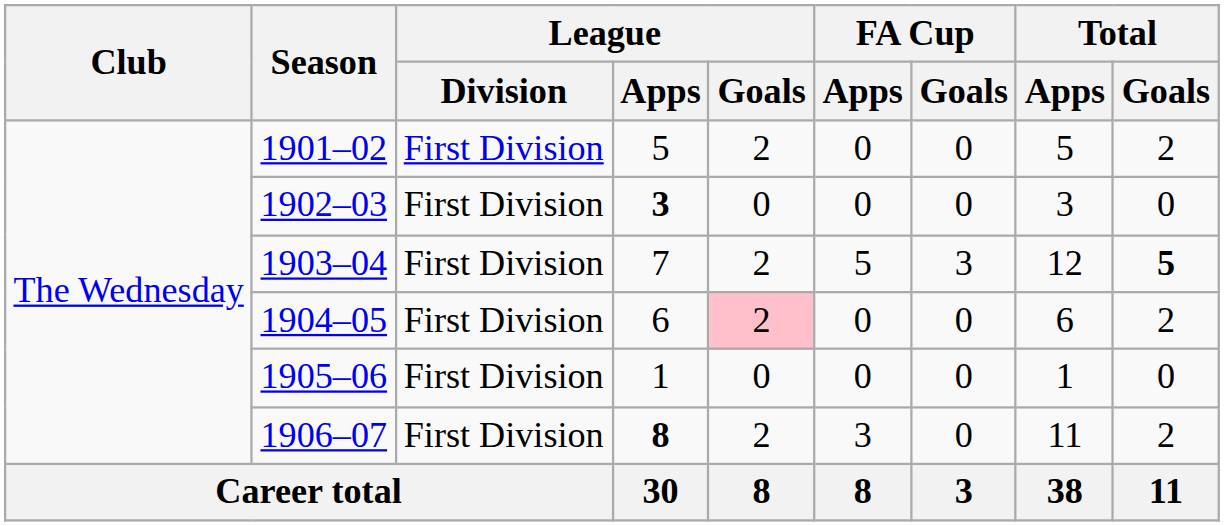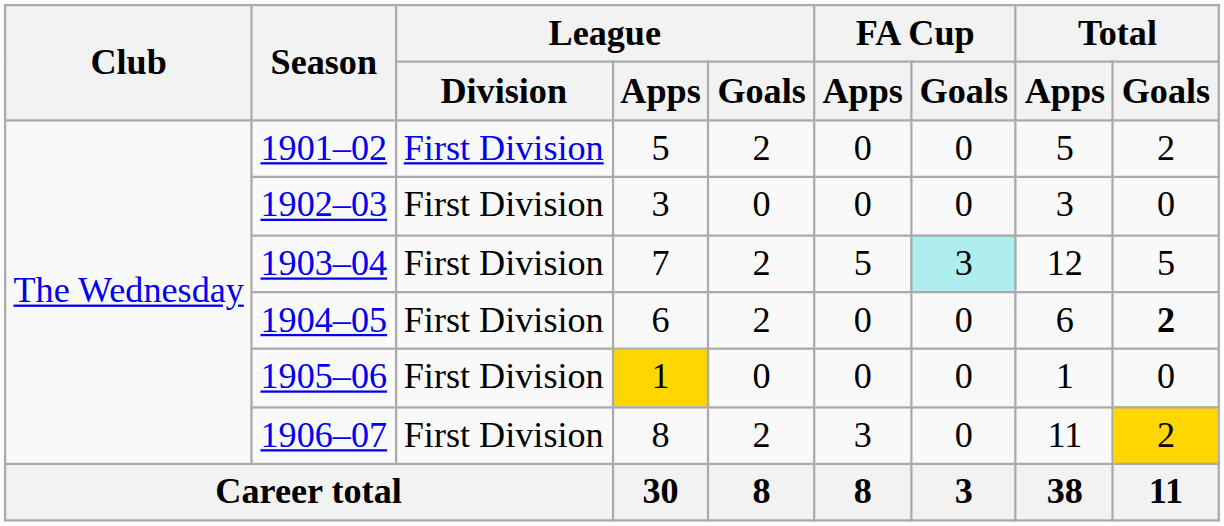 <table class="wikitable" style="text-align: center;">
 <tr>
 <th rowspan="2">Club</th>
 <th rowspan="2">Season</th>
 <th colspan="3">League</th>
 <th colspan="2">FA Cup</th>
 <th colspan="2">Total</th>
 </tr>
 <tr>
 <th>Division</th>
 <th>Apps</th>
 <th>Goals</th>
 <th>Apps</th>
 <th>Goals</th>
 <th>Apps</th>
 <th>Goals</th>
 </tr>
 <tr>
 <td rowspan="6"><a href='#'>The Wednesday</a></td>
 <td><a href='#'>1901–02</a></td>
 <td><a href='#'>First Division</a></td>
 <td>5</td>
 <td>2</td>
 <td>0</td>
 <td>0</td>
 <td>5</td>
 <td>2</td>
 </tr>
 <tr>
 <td><a href='#'>1902–03</a></td>
 <td>First Division</td>
-<td><strong>3</strong></td>
+<td>3</td>
 <td>0</td>
 <td>0</td>
 <td>0</td>
 <td>3</td>
 <td>0</td>
 </tr>
 <tr>
 <td><a href='#'>1903–04</a></td>
 <td>First Division</td>
 <td>7</td>
 <td>2</td>
 <td>5</td>
-<td>3</td>
+<td style="background: paleturquoise;">3</td>
 <td>12</td>
-<td><strong>5</strong></td>
+<td>5</td>
 </tr>
 <tr>
 <td><a href='#'>1904–05</a></td>
 <td>First Division</td>
 <td>6</td>
-<td style="background: pink;">2</td>
+<td>2</td>
 <td>0</td>
 <td>0</td>
 <td>6</td>
-<td>2</td>
+<td><strong>2</strong></td>
 </tr>
 <tr>
 <td><a href='#'>1905–06</a></td>
 <td>First Division</td>
-<td>1</td>
+<td style="background: gold;">1</td>
 <td>0</td>
 <td>0</td>
 <td>0</td>
 <td>1</td>
 <td>0</td>
 </tr>
 <tr>
 <td><a href='#'>1906–07</a></td>
 <td>First Division</td>
-<td><strong>8</strong></td>
+<td>8</td>
 <td>2</td>
 <td>3</td>
 <td>0</td>
 <td>11</td>
-<td>2</td>
+<td style="background: gold;">2</td>
 </tr>
 <tr>
 <th colspan="3">Career total</th>
 <th>30</th>
 <th>8</th>
 <th>8</th>
 <th>3</th>
 <th>38</th>
 <th>11</th>
 </tr>
 </table>
